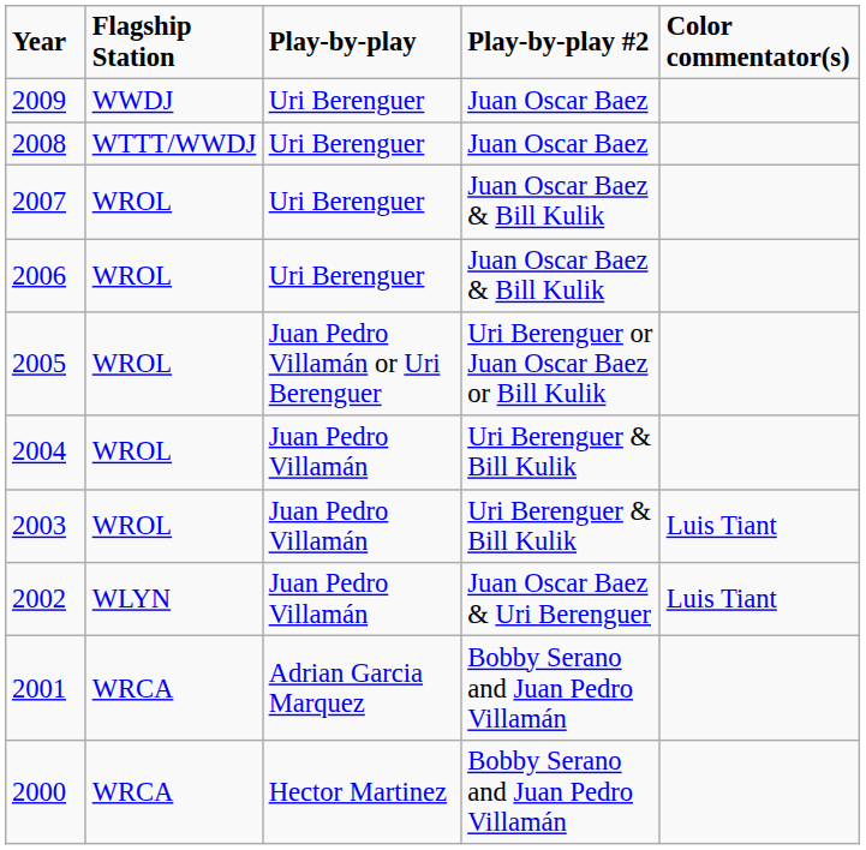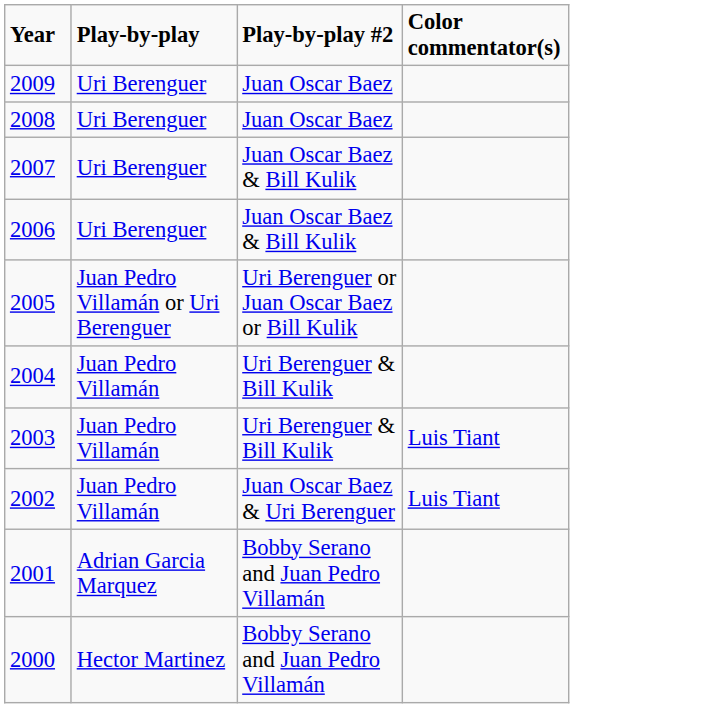 <table class="wikitable">
 <tr>
 <td width="40"><strong>Year</strong></td>
-<td width="40"><strong>Flagship Station</strong></td>
 <td width="110"><strong>Play-by-play</strong></td>
 <td width="110"><strong>Play-by-play #2</strong></td>
 <td width="110"><strong>Color commentator(s)</strong></td>
 </tr>
 <tr>
 <td><a href='#'>2009</a></td>
-<td><a href='#'>WWDJ</a></td>
 <td><a href='#'>Uri Berenguer</a></td>
 <td><a href='#'>Juan Oscar Baez</a></td>
 <td></td>
 </tr>
 <tr>
 <td><a href='#'>2008</a></td>
-<td><a href='#'>WTTT/WWDJ</a></td>
 <td><a href='#'>Uri Berenguer</a></td>
 <td><a href='#'>Juan Oscar Baez</a></td>
 <td></td>
 </tr>
 <tr>
 <td><a href='#'>2007</a></td>
-<td><a href='#'>WROL</a></td>
 <td><a href='#'>Uri Berenguer</a></td>
 <td><a href='#'>Juan Oscar Baez</a> & <a href='#'>Bill Kulik</a></td>
 <td></td>
 </tr>
 <tr>
 <td><a href='#'>2006</a></td>
-<td><a href='#'>WROL</a></td>
 <td><a href='#'>Uri Berenguer</a></td>
 <td><a href='#'>Juan Oscar Baez</a> & <a href='#'>Bill Kulik</a></td>
 <td></td>
 </tr>
 <tr>
 <td><a href='#'>2005</a></td>
-<td><a href='#'>WROL</a></td>
 <td><a href='#'>Juan Pedro Villamán</a> or <a href='#'>Uri Berenguer</a></td>
 <td><a href='#'>Uri Berenguer</a> or <a href='#'>Juan Oscar Baez</a> or <a href='#'>Bill Kulik</a></td>
 <td></td>
 </tr>
 <tr>
 <td><a href='#'>2004</a></td>
-<td><a href='#'>WROL</a></td>
 <td><a href='#'>Juan Pedro Villamán</a></td>
 <td><a href='#'>Uri Berenguer</a> & <a href='#'>Bill Kulik</a></td>
 <td></td>
 </tr>
 <tr>
 <td><a href='#'>2003</a></td>
-<td><a href='#'>WROL</a></td>
 <td><a href='#'>Juan Pedro Villamán</a></td>
 <td><a href='#'>Uri Berenguer</a> & <a href='#'>Bill Kulik</a></td>
 <td><a href='#'>Luis Tiant</a></td>
 </tr>
 <tr>
 <td><a href='#'>2002</a></td>
-<td><a href='#'>WLYN</a></td>
 <td><a href='#'>Juan Pedro Villamán</a></td>
 <td><a href='#'>Juan Oscar Baez</a> & <a href='#'>Uri Berenguer</a></td>
 <td><a href='#'>Luis Tiant</a></td>
 </tr>
 <tr>
 <td><a href='#'>2001</a></td>
-<td><a href='#'>WRCA</a></td>
 <td><a href='#'>Adrian Garcia Marquez</a></td>
 <td><a href='#'>Bobby Serano</a> and <a href='#'>Juan Pedro Villamán</a></td>
 <td></td>
 </tr>
 <tr>
 <td><a href='#'>2000</a></td>
-<td><a href='#'>WRCA</a></td>
 <td><a href='#'>Hector Martinez</a></td>
 <td><a href='#'>Bobby Serano</a> and <a href='#'>Juan Pedro Villamán</a></td>
 <td></td>
 </tr>
 </table>
